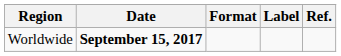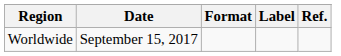 <table class="wikitable plainrowheaders">
 <tr>
 </tr>
 <tr>
 <th scope="col">Region</th>
 <th scope="col">Date</th>
 <th scope="col">Format</th>
 <th scope="col">Label</th>
 <th scope="col">Ref.</th>
 </tr>
 <tr>
 <td>Worldwide</td>
-<td><strong>September 15, 2017</strong></td>
+<td>September 15, 2017</td>
 <td></td>
 <td></td>
 <td></td>
 </tr>
 </table>
